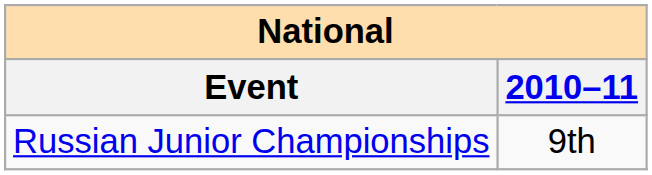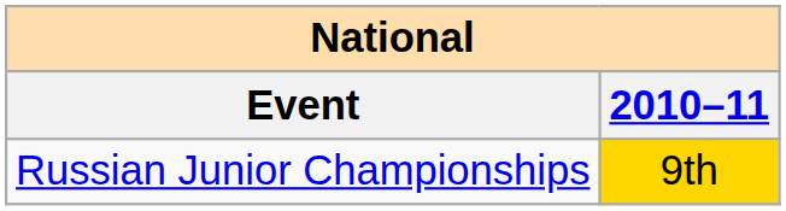 <table class="wikitable" style="text-align:center">
 <tr>
 <th style="background-color: #ffdead; " colspan=2 align=center><strong>National</strong></th>
 </tr>
 <tr>
 <th>Event</th>
 <th><a href='#'>2010–11</a></th>
 </tr>
 <tr>
 <td align=left><a href='#'>Russian Junior Championships</a></td>
-<td>9th</td>
+<td style="background: gold;">9th</td>
 </tr>
 </table>
